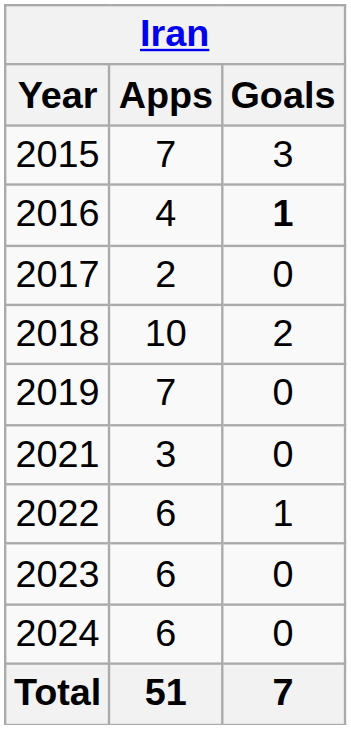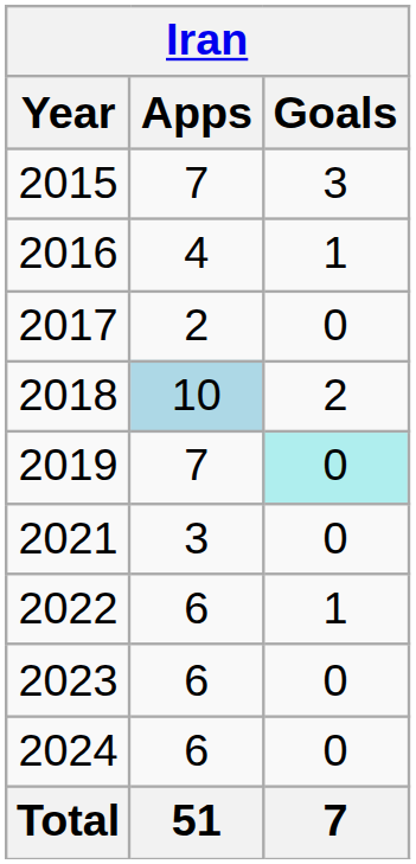 <table class="wikitable" style="text-align:center">
 <tr>
 <th colspan=3><a href='#'>Iran</a></th>
 </tr>
 <tr>
 <th>Year</th>
 <th>Apps</th>
 <th>Goals</th>
 </tr>
 <tr>
 <td>2015</td>
 <td>7</td>
 <td>3</td>
 </tr>
 <tr>
 <td>2016</td>
 <td>4</td>
-<td><strong>1</strong></td>
+<td>1</td>
 </tr>
 <tr>
 <td>2017</td>
 <td>2</td>
 <td>0</td>
 </tr>
 <tr>
 <td>2018</td>
-<td>10</td>
+<td style="background: lightblue;">10</td>
 <td>2</td>
 </tr>
 <tr>
 <td>2019</td>
 <td>7</td>
-<td>0</td>
+<td style="background: paleturquoise;">0</td>
 </tr>
 <tr>
 <td>2021</td>
 <td>3</td>
 <td>0</td>
 </tr>
 <tr>
 <td>2022</td>
 <td>6</td>
 <td>1</td>
 </tr>
 <tr>
 <td>2023</td>
 <td>6</td>
 <td>0</td>
 </tr>
 <tr>
 <td>2024</td>
 <td>6</td>
 <td>0</td>
 </tr>
 <tr>
 <th>Total</th>
 <th>51</th>
 <th>7</th>
 </tr>
 </table>
